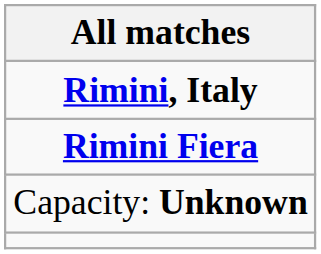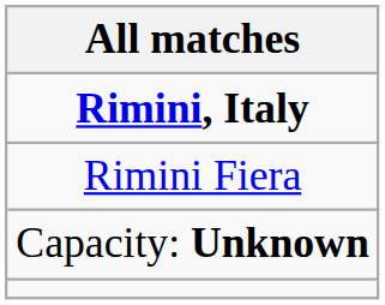 <table class="wikitable" style="text-align:center">
 <tr>
 <th>All matches</th>
 </tr>
 <tr>
 <td><strong><a href='#'>Rimini</a>, Italy</strong></td>
 </tr>
 <tr>
-<td><strong><a href='#'>Rimini Fiera</a></strong></td>
+<td><a href='#'>Rimini Fiera</a></td>
 </tr>
 <tr>
 <td>Capacity: <strong>Unknown</strong></td>
 </tr>
 <tr>
 <td></td>
 </tr>
 </table>
